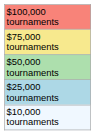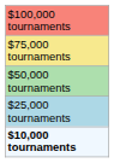 <table class="wikitable"  style="font-size:85%; width:10%;">
 <tr style="background:#f88379;">
 <td>$100,000 tournaments</td>
 </tr>
 <tr style="background:#f7e98e;">
 <td>$75,000 tournaments</td>
 </tr>
 <tr style="background:#addfad;">
 <td>$50,000 tournaments</td>
 </tr>
 <tr style="background:lightblue;">
 <td>$25,000 tournaments</td>
 </tr>
 <tr style="background:#f0f8ff;">
-<td>$10,000 tournaments</td>
+<td><strong>$10,000 tournaments</strong></td>
 </tr>
 </table>
